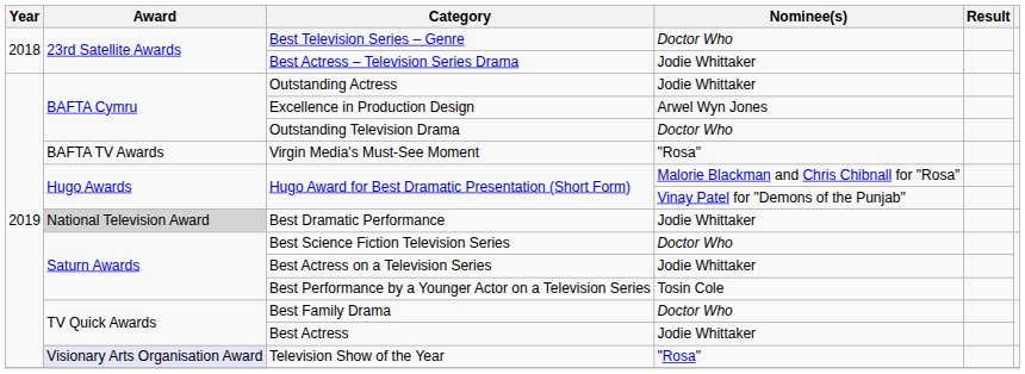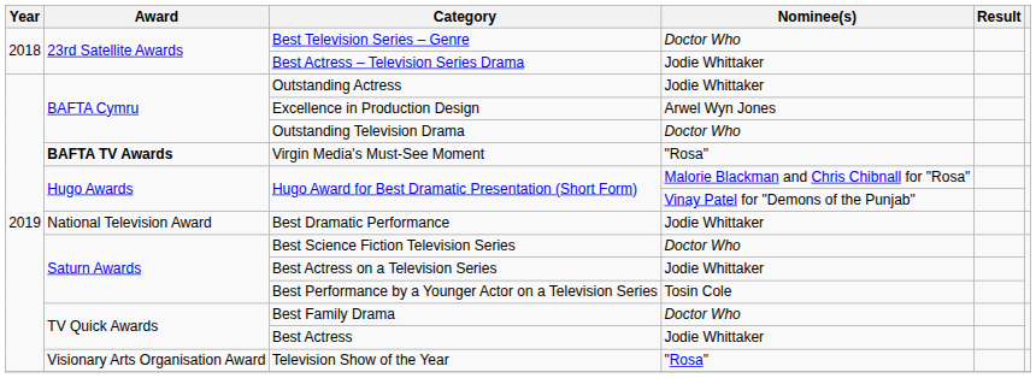 <table class="wikitable sortable">
 <tr>
 <th>Year</th>
 <th>Award</th>
 <th>Category</th>
 <th>Nominee(s)</th>
 <th>Result</th>
 <th class="unsortable"></th>
 </tr>
 <tr>
 <td rowspan="2">2018</td>
 <td rowspan="2"><a href='#'>23rd Satellite Awards</a></td>
 <td><a href='#'>Best Television Series – Genre</a></td>
 <td><em>Doctor Who</em></td>
 <td></td>
 <td rowspan="2"></td>
 </tr>
 <tr>
 <td><a href='#'>Best Actress – Television Series Drama</a></td>
 <td>Jodie Whittaker</td>
 <td></td>
 </tr>
 <tr>
 <td rowspan="13">2019</td>
 <td rowspan="3"><a href='#'>BAFTA Cymru</a></td>
 <td>Outstanding Actress</td>
 <td>Jodie Whittaker</td>
 <td></td>
 <td rowspan="3"></td>
 </tr>
 <tr>
 <td>Excellence in Production Design</td>
 <td>Arwel Wyn Jones</td>
 <td></td>
 </tr>
 <tr>
 <td>Outstanding Television Drama</td>
 <td><em>Doctor Who</em></td>
 <td></td>
 </tr>
 <tr>
-<td>BAFTA TV Awards</td>
+<td><strong>BAFTA TV Awards</strong></td>
 <td>Virgin Media's Must-See Moment</td>
 <td>"Rosa"</td>
 <td></td>
 <td></td>
 </tr>
 <tr>
 <td rowspan="2"><a href='#'>Hugo Awards</a></td>
 <td rowspan="2"><a href='#'>Hugo Award for Best Dramatic Presentation (Short Form)</a></td>
 <td><a href='#'>Malorie Blackman</a> and <a href='#'>Chris Chibnall</a> for "Rosa"</td>
 <td></td>
 <td rowspan="2"></td>
 </tr>
 <tr>
 <td><a href='#'>Vinay Patel</a> for "Demons of the Punjab"</td>
 <td></td>
 </tr>
 <tr>
-<td style="background: lightgrey;">National Television Award</td>
+<td>National Television Award</td>
 <td>Best Dramatic Performance</td>
 <td>Jodie Whittaker</td>
 <td></td>
 <td></td>
 </tr>
 <tr>
 <td rowspan="3"><a href='#'>Saturn Awards</a></td>
 <td>Best Science Fiction Television Series</td>
 <td><em>Doctor Who</em></td>
 <td></td>
 <td rowspan="3"></td>
 </tr>
 <tr>
 <td>Best Actress on a Television Series</td>
 <td>Jodie Whittaker</td>
 <td></td>
 </tr>
 <tr>
 <td>Best Performance by a Younger Actor on a Television Series</td>
 <td>Tosin Cole</td>
 <td></td>
 </tr>
 <tr>
 <td rowspan="2">TV Quick Awards</td>
 <td>Best Family Drama</td>
 <td><em>Doctor Who</em></td>
 <td></td>
 <td rowspan="2"></td>
 </tr>
 <tr>
 <td>Best Actress</td>
 <td>Jodie Whittaker</td>
 <td></td>
 </tr>
 <tr>
-<td style="background: lavender;">Visionary Arts Organisation Award</td>
+<td>Visionary Arts Organisation Award</td>
 <td>Television Show of the Year</td>
 <td>"<a href='#'>Rosa</a>"</td>
 <td></td>
 <td></td>
 </tr>
 <tr>
 </tr>
 </table>
